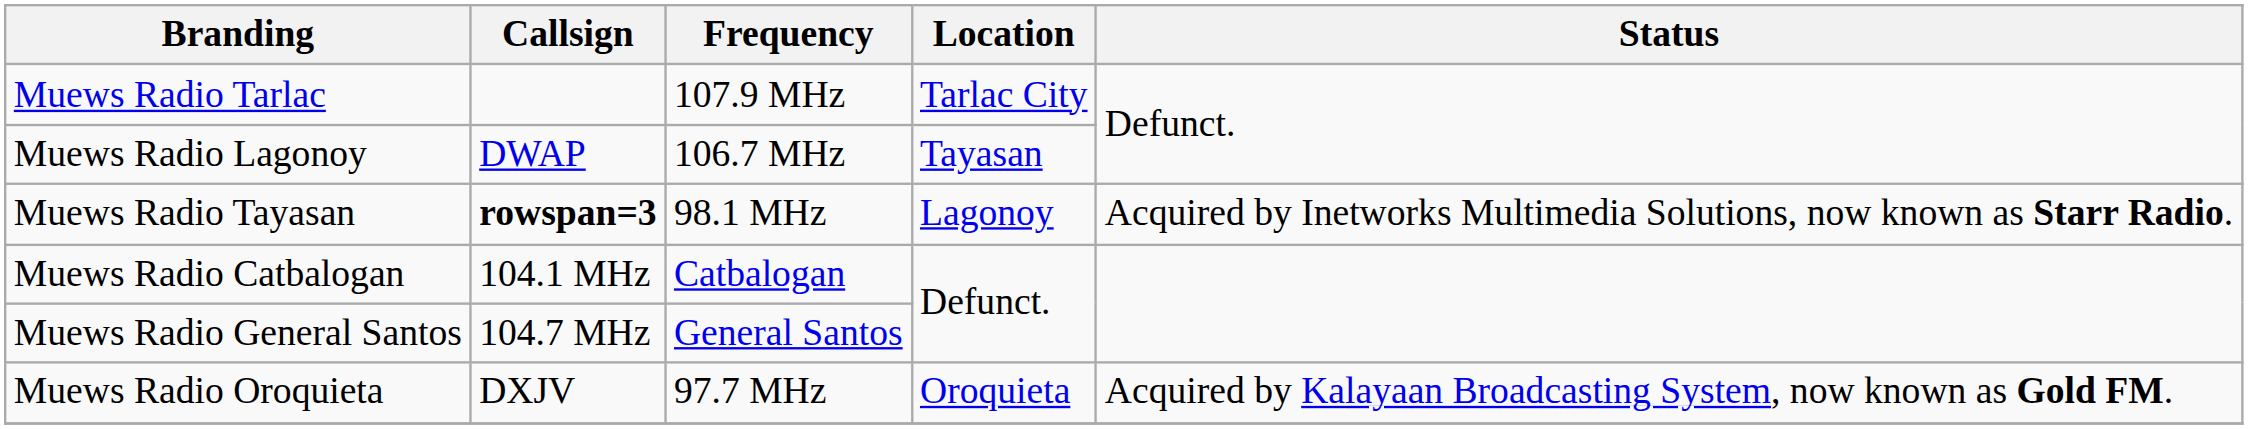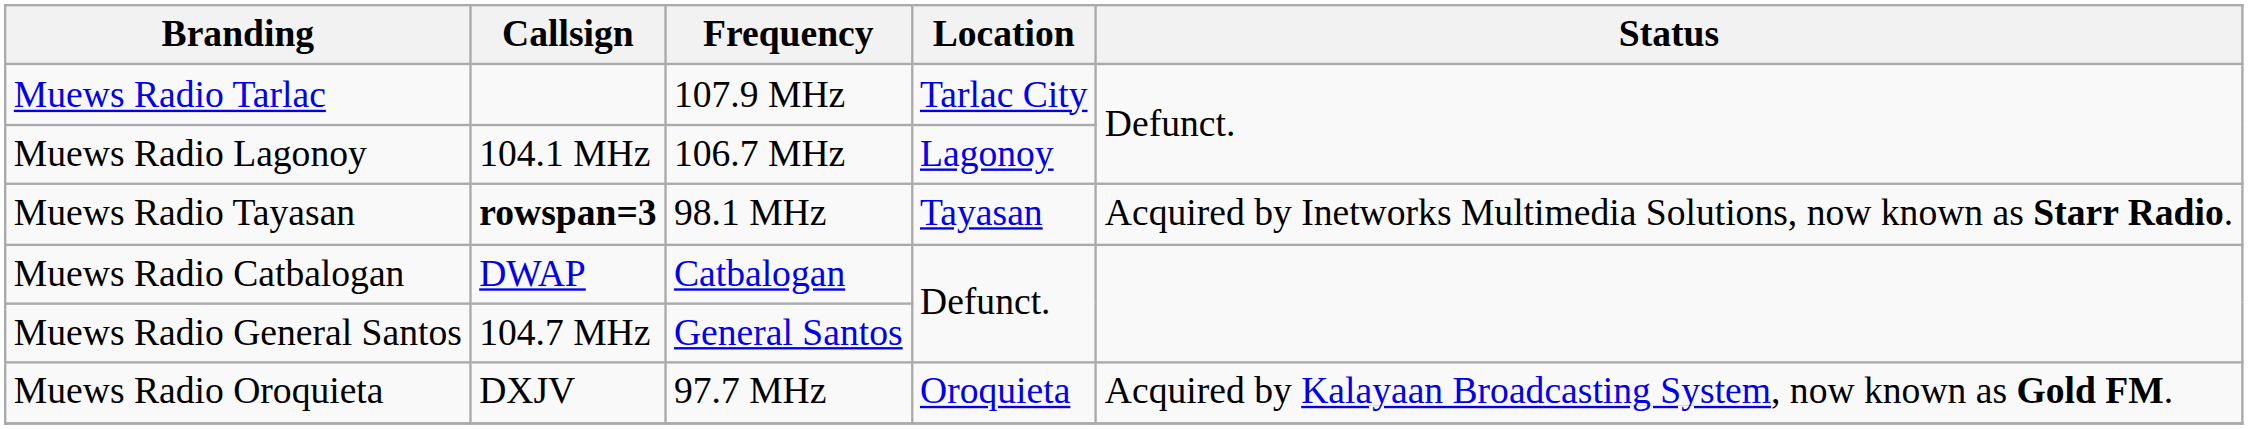 <table class="wikitable">
 <tr>
 <th>Branding</th>
 <th>Callsign</th>
 <th>Frequency</th>
 <th>Location</th>
 <th>Status</th>
 </tr>
 <tr>
 <td><a href='#'>Muews Radio Tarlac</a></td>
 <td></td>
 <td>107.9 MHz</td>
 <td><a href='#'>Tarlac City</a></td>
 <td rowspan="2">Defunct.</td>
 </tr>
 <tr>
 <td>Muews Radio Lagonoy</td>
-<td><a href='#'>DWAP</a></td>
+<td>104.1 MHz</td>
 <td>106.7 MHz</td>
-<td><a href='#'>Tayasan</a></td>
+<td><a href='#'>Lagonoy</a></td>
 </tr>
 <tr>
 <td>Muews Radio Tayasan</td>
 <td><strong>rowspan=3 </strong></td>
 <td>98.1 MHz</td>
-<td><a href='#'>Lagonoy</a></td>
+<td><a href='#'>Tayasan</a></td>
 <td>Acquired by Inetworks Multimedia Solutions, now known as <strong>Starr Radio</strong>.</td>
 </tr>
 <tr>
 <td>Muews Radio Catbalogan</td>
-<td>104.1 MHz</td>
+<td><a href='#'>DWAP</a></td>
 <td><a href='#'>Catbalogan</a></td>
 <td rowspan="2">Defunct.</td>
 </tr>
 <tr>
 <td>Muews Radio General Santos</td>
 <td>104.7 MHz</td>
 <td><a href='#'>General Santos</a></td>
 </tr>
 <tr>
 <td>Muews Radio Oroquieta</td>
 <td>DXJV</td>
 <td>97.7 MHz</td>
 <td><a href='#'>Oroquieta</a></td>
 <td>Acquired by <a href='#'>Kalayaan Broadcasting System</a>, now known as <strong>Gold FM</strong>.</td>
 </tr>
 <tr>
 </tr>
 </table>
